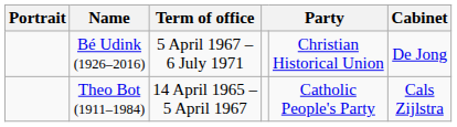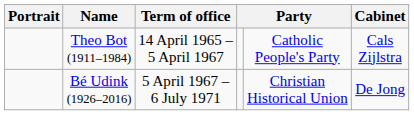 <table class="wikitable" style="text-align:center">
 <tr>
 <th>Portrait</th>
 <th>Name<br></th>
 <th>Term of office</th>
 <th colspan=2>Party</th>
 <th>Cabinet</th>
 </tr>
 <tr>
 <td></td>
+<td><a href='#'>Theo Bot</a> <br> <small>(1911–1984)</small></td>
+<td>14 April 1965 – <br> 5 April 1967</td>
+<td style="background:"></td>
+<td><a href='#'>Catholic <br> People's Party</a></td>
+<td><a href='#'>Cals</a> <br> <a href='#'>Zijlstra</a></td>
+</tr>
+<tr>
+<td></td>
 <td><a href='#'>Bé Udink</a> <br> <small>(1926–2016)</small></td>
 <td>5 April 1967 – <br> 6 July 1971</td>
 <td style="background:"></td>
 <td><a href='#'>Christian <br> Historical Union</a></td>
 <td><a href='#'>De Jong</a></td>
 </tr>
-<tr>
-<td></td>
-<td><a href='#'>Theo Bot</a> <br> <small>(1911–1984)</small></td>
-<td>14 April 1965 – <br> 5 April 1967</td>
-<td style="background:"></td>
-<td><a href='#'>Catholic <br> People's Party</a></td>
-<td><a href='#'>Cals</a> <br> <a href='#'>Zijlstra</a></td>
-</tr>
 </table>
